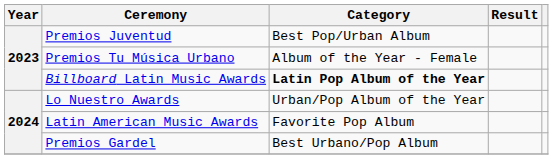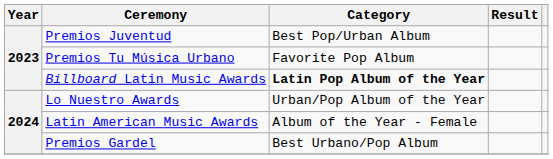 <table class="wikitable plainrowheaders">
 <tr>
 <th scope="col">Year</th>
 <th scope="col">Ceremony</th>
 <th scope="col">Category</th>
 <th scope="col">Result</th>
 <th></th>
 </tr>
 <tr>
 <th rowspan="3" scope="row">2023</th>
 <td><a href='#'>Premios Juventud</a></td>
 <td>Best Pop/Urban Album</td>
 <td></td>
 <td style="text-align:center;"></td>
 </tr>
 <tr>
 <td><a href='#'>Premios Tu Música Urbano</a></td>
-<td>Album of the Year - Female</td>
+<td>Favorite Pop Album</td>
 <td></td>
 <td style="text-align:center;"></td>
 </tr>
 <tr>
 <td><a href='#'><em>Billboard</em> Latin Music Awards</a></td>
 <td><strong>Latin Pop Album of the Year</strong></td>
 <td></td>
 <td rowspan="1" style="text-align:center;"></td>
 </tr>
 <tr>
 <th rowspan="3" scope="row">2024</th>
 <td><a href='#'>Lo Nuestro Awards</a></td>
 <td>Urban/Pop Album of the Year</td>
 <td></td>
 <td rowspan="1" style="text-align:center;"></td>
 </tr>
 <tr>
 <td><a href='#'>Latin American Music Awards</a></td>
-<td>Favorite Pop Album</td>
+<td>Album of the Year - Female</td>
 <td></td>
 <td style="text-align:center;"></td>
 </tr>
 <tr>
 <td><a href='#'>Premios Gardel</a></td>
 <td>Best Urbano/Pop Album</td>
 <td></td>
 <td style="text-align:center;"></td>
 </tr>
 <tr>
 </tr>
 </table>
